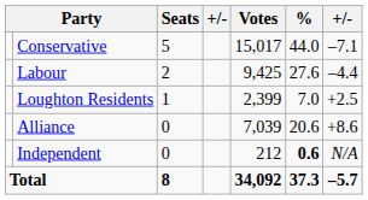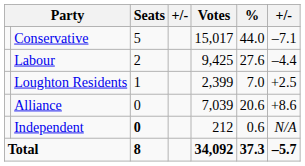 <table class="wikitable sortable">
 <tr>
 <th colspan="2">Party</th>
 <th>Seats</th>
 <th>+/-</th>
 <th>Votes</th>
 <th>%</th>
 <th>+/-</th>
 </tr>
 <tr>
 <td style="background-color: "></td>
 <td><a href='#'>Conservative</a></td>
 <td>5</td>
 <td></td>
 <td style="text-align:right;">15,017</td>
 <td style="text-align:right;">44.0</td>
 <td style="text-align:right;">–7.1</td>
 </tr>
 <tr>
 <td style="background-color: "></td>
 <td><a href='#'>Labour</a></td>
 <td>2</td>
 <td></td>
 <td style="text-align:right;">9,425</td>
 <td style="text-align:right;">27.6</td>
 <td style="text-align:right;">–4.4</td>
 </tr>
 <tr>
 <td style="background-color: "></td>
 <td><a href='#'>Loughton Residents</a></td>
 <td>1</td>
 <td></td>
 <td style="text-align:right;">2,399</td>
 <td style="text-align:right;">7.0</td>
 <td style="text-align:right;">+2.5</td>
 </tr>
 <tr>
 <td style="background-color: "></td>
 <td><a href='#'>Alliance</a></td>
 <td>0</td>
 <td></td>
 <td style="text-align:right;">7,039</td>
 <td style="text-align:right;">20.6</td>
 <td style="text-align:right;">+8.6</td>
 </tr>
 <tr>
 <td style="background-color: "></td>
 <td><a href='#'>Independent</a></td>
-<td>0</td>
+<td><strong>0</strong></td>
 <td></td>
 <td style="text-align:right;">212</td>
-<td style="text-align:right;"><strong>0.6</strong></td>
+<td style="text-align:right;">0.6</td>
 <td style="text-align:right;"><em>N/A</em></td>
 </tr>
 <tr>
 <td colspan="2"><strong>Total</strong></td>
 <td><strong>8</strong></td>
 <td></td>
 <td style="text-align:right;"><strong>34,092</strong></td>
 <td style="text-align:right;"><strong>37.3</strong></td>
 <td style="text-align:right;"><strong>–5.7</strong></td>
 </tr>
 </table>
